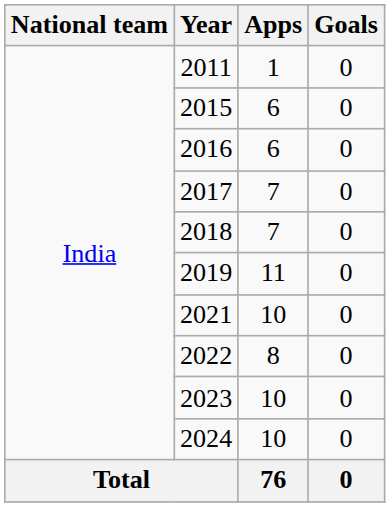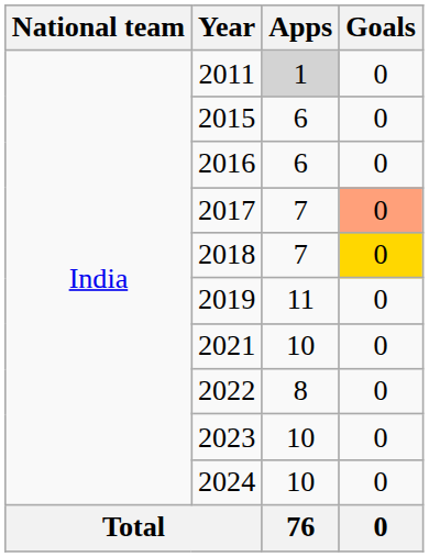 <table class="wikitable" style="text-align:center">
 <tr>
 <th>National team</th>
 <th>Year</th>
 <th>Apps</th>
 <th>Goals</th>
 </tr>
 <tr>
 <td rowspan="10"><a href='#'>India</a></td>
 <td>2011</td>
-<td>1</td>
+<td style="background: lightgrey;">1</td>
 <td>0</td>
 </tr>
 <tr>
 <td>2015</td>
 <td>6</td>
 <td>0</td>
 </tr>
 <tr>
 <td>2016</td>
 <td>6</td>
 <td>0</td>
 </tr>
 <tr>
 <td>2017</td>
 <td>7</td>
-<td>0</td>
+<td style="background: lightsalmon;">0</td>
 </tr>
 <tr>
 <td>2018</td>
 <td>7</td>
-<td>0</td>
+<td style="background: gold;">0</td>
 </tr>
 <tr>
 <td>2019</td>
 <td>11</td>
 <td>0</td>
 </tr>
 <tr>
 <td>2021</td>
 <td>10</td>
 <td>0</td>
 </tr>
 <tr>
 <td>2022</td>
 <td>8</td>
 <td>0</td>
 </tr>
 <tr>
 <td>2023</td>
 <td>10</td>
 <td>0</td>
 </tr>
 <tr>
 <td>2024</td>
 <td>10</td>
 <td>0</td>
 </tr>
 <tr>
 <th colspan="2">Total</th>
 <th>76</th>
 <th>0</th>
 </tr>
 </table>
